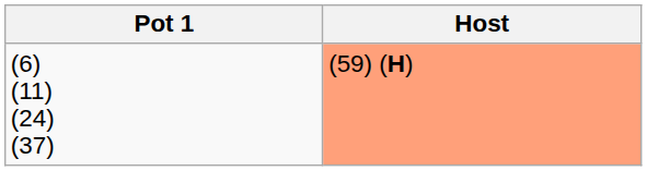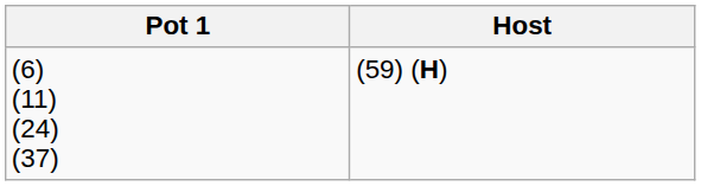 <table class="wikitable">
 <tr>
 <th width=200px>Pot 1</th>
 <th width=200px>Host</th>
 </tr>
 <tr>
 <td valign=top> (6)<br> (11)<br> (24)<br> (37)</td>
-<td valign=top style="background: lightsalmon;"> (59) (<strong>H</strong>)</td>
+<td valign=top> (59) (<strong>H</strong>)</td>
 </tr>
 </table>
